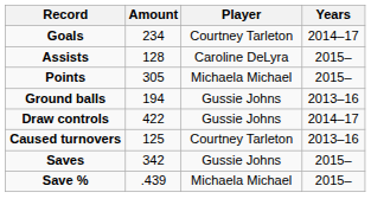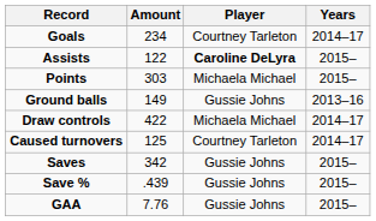 <table class="wikitable">
 <tr>
 <th style="width:140px; ">Record</th>
 <th style="width:35px; ">Amount</th>
 <th style="width:140px; ">Player</th>
 <th style="width:70px; ">Years</th>
 </tr>
 <tr style="text-align:center;">
 <td><strong>Goals</strong></td>
 <td>234</td>
 <td>Courtney Tarleton</td>
 <td>2014–17</td>
 </tr>
 <tr style="text-align:center;">
 <td><strong>Assists</strong></td>
-<td>128</td>
-<td>Caroline DeLyra</td>
+<td>122</td>
+<td><strong>Caroline DeLyra</strong></td>
 <td>2015–</td>
 </tr>
 <tr style="text-align:center;">
 <td><strong>Points</strong></td>
-<td>305</td>
+<td>303</td>
 <td>Michaela Michael</td>
 <td>2015–</td>
 </tr>
 <tr style="text-align:center;">
 <td><strong>Ground balls</strong></td>
-<td>194</td>
+<td>149</td>
 <td>Gussie Johns</td>
 <td>2013–16</td>
 </tr>
 <tr style="text-align:center;">
 <td><strong>Draw controls</strong></td>
 <td>422</td>
-<td>Gussie Johns</td>
+<td>Michaela Michael</td>
 <td>2014–17</td>
 </tr>
 <tr style="text-align:center;">
 <td><strong>Caused turnovers</strong></td>
 <td>125</td>
 <td>Courtney Tarleton</td>
-<td>2013–16</td>
+<td>2014–17</td>
 </tr>
 <tr style="text-align:center;">
 <td><strong>Saves</strong></td>
 <td>342</td>
 <td>Gussie Johns</td>
 <td>2015–</td>
 </tr>
 <tr style="text-align:center;">
 <td><strong>Save %</strong></td>
 <td>.439</td>
-<td>Michaela Michael</td>
+<td>Gussie Johns</td>
+<td>2015–</td>
+</tr>
+<tr style="text-align:center;">
+<td><strong>GAA</strong></td>
+<td>7.76</td>
+<td>Gussie Johns</td>
 <td>2015–</td>
 </tr>
 </table>
